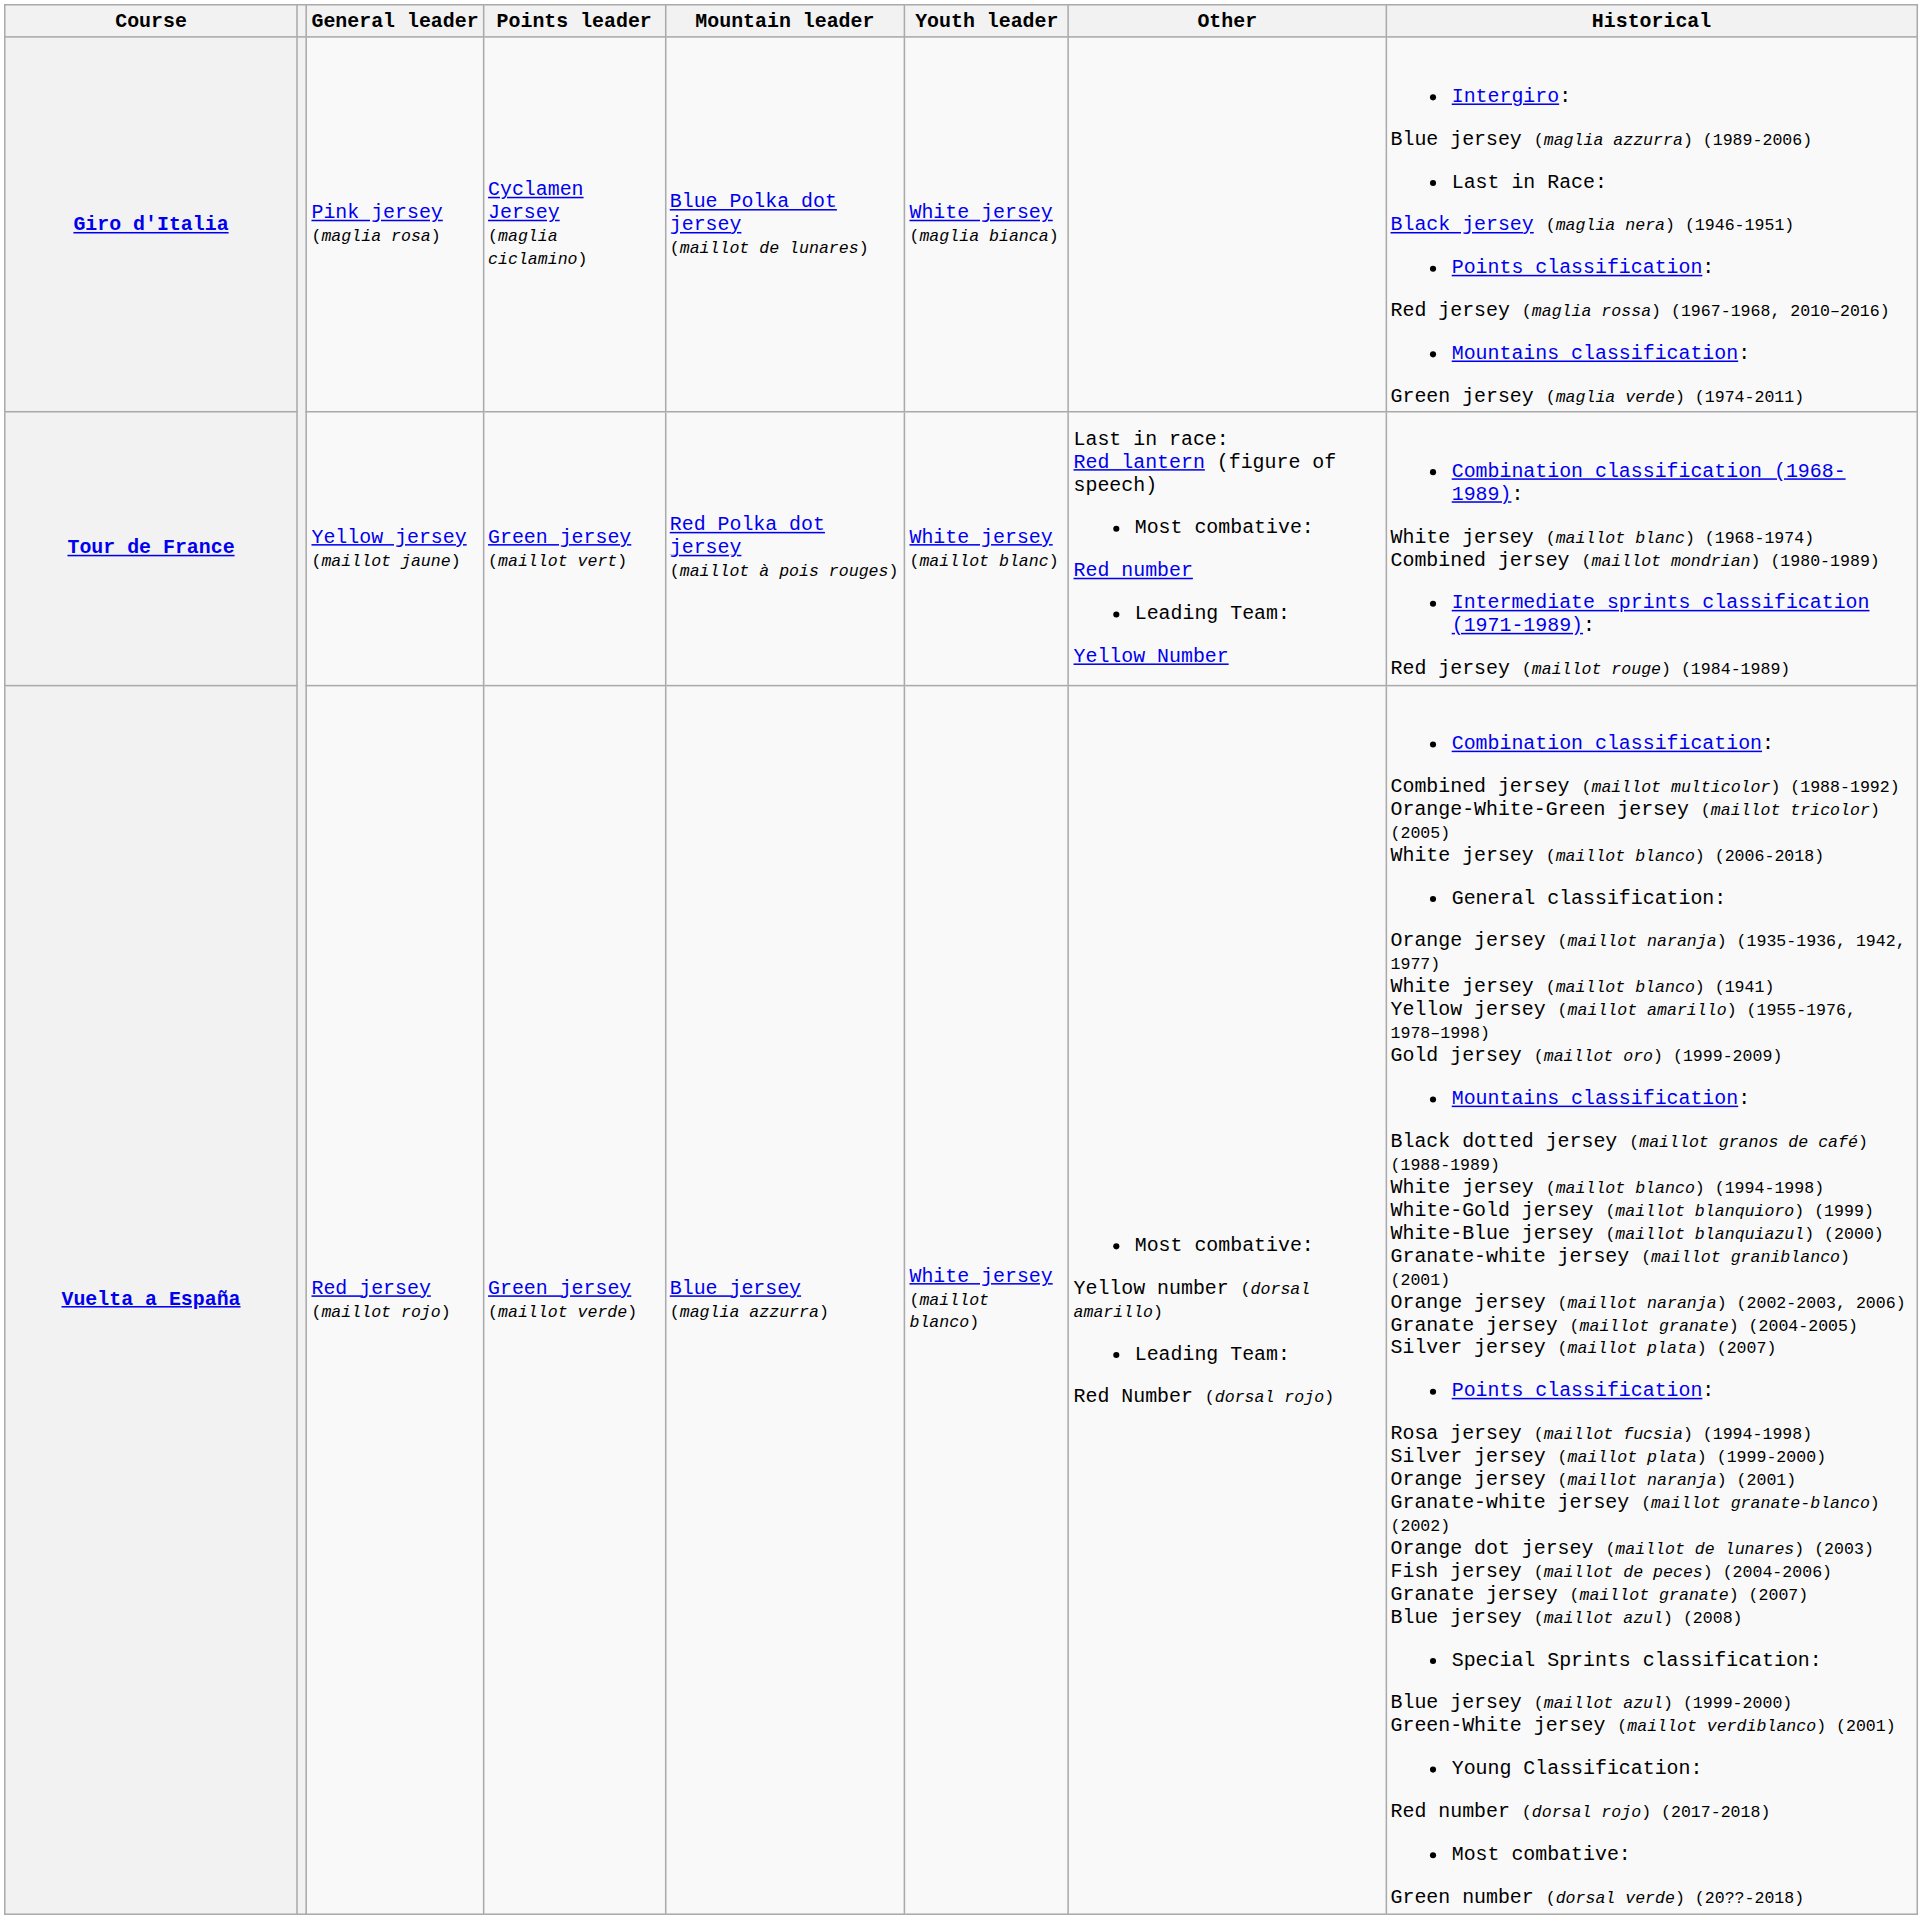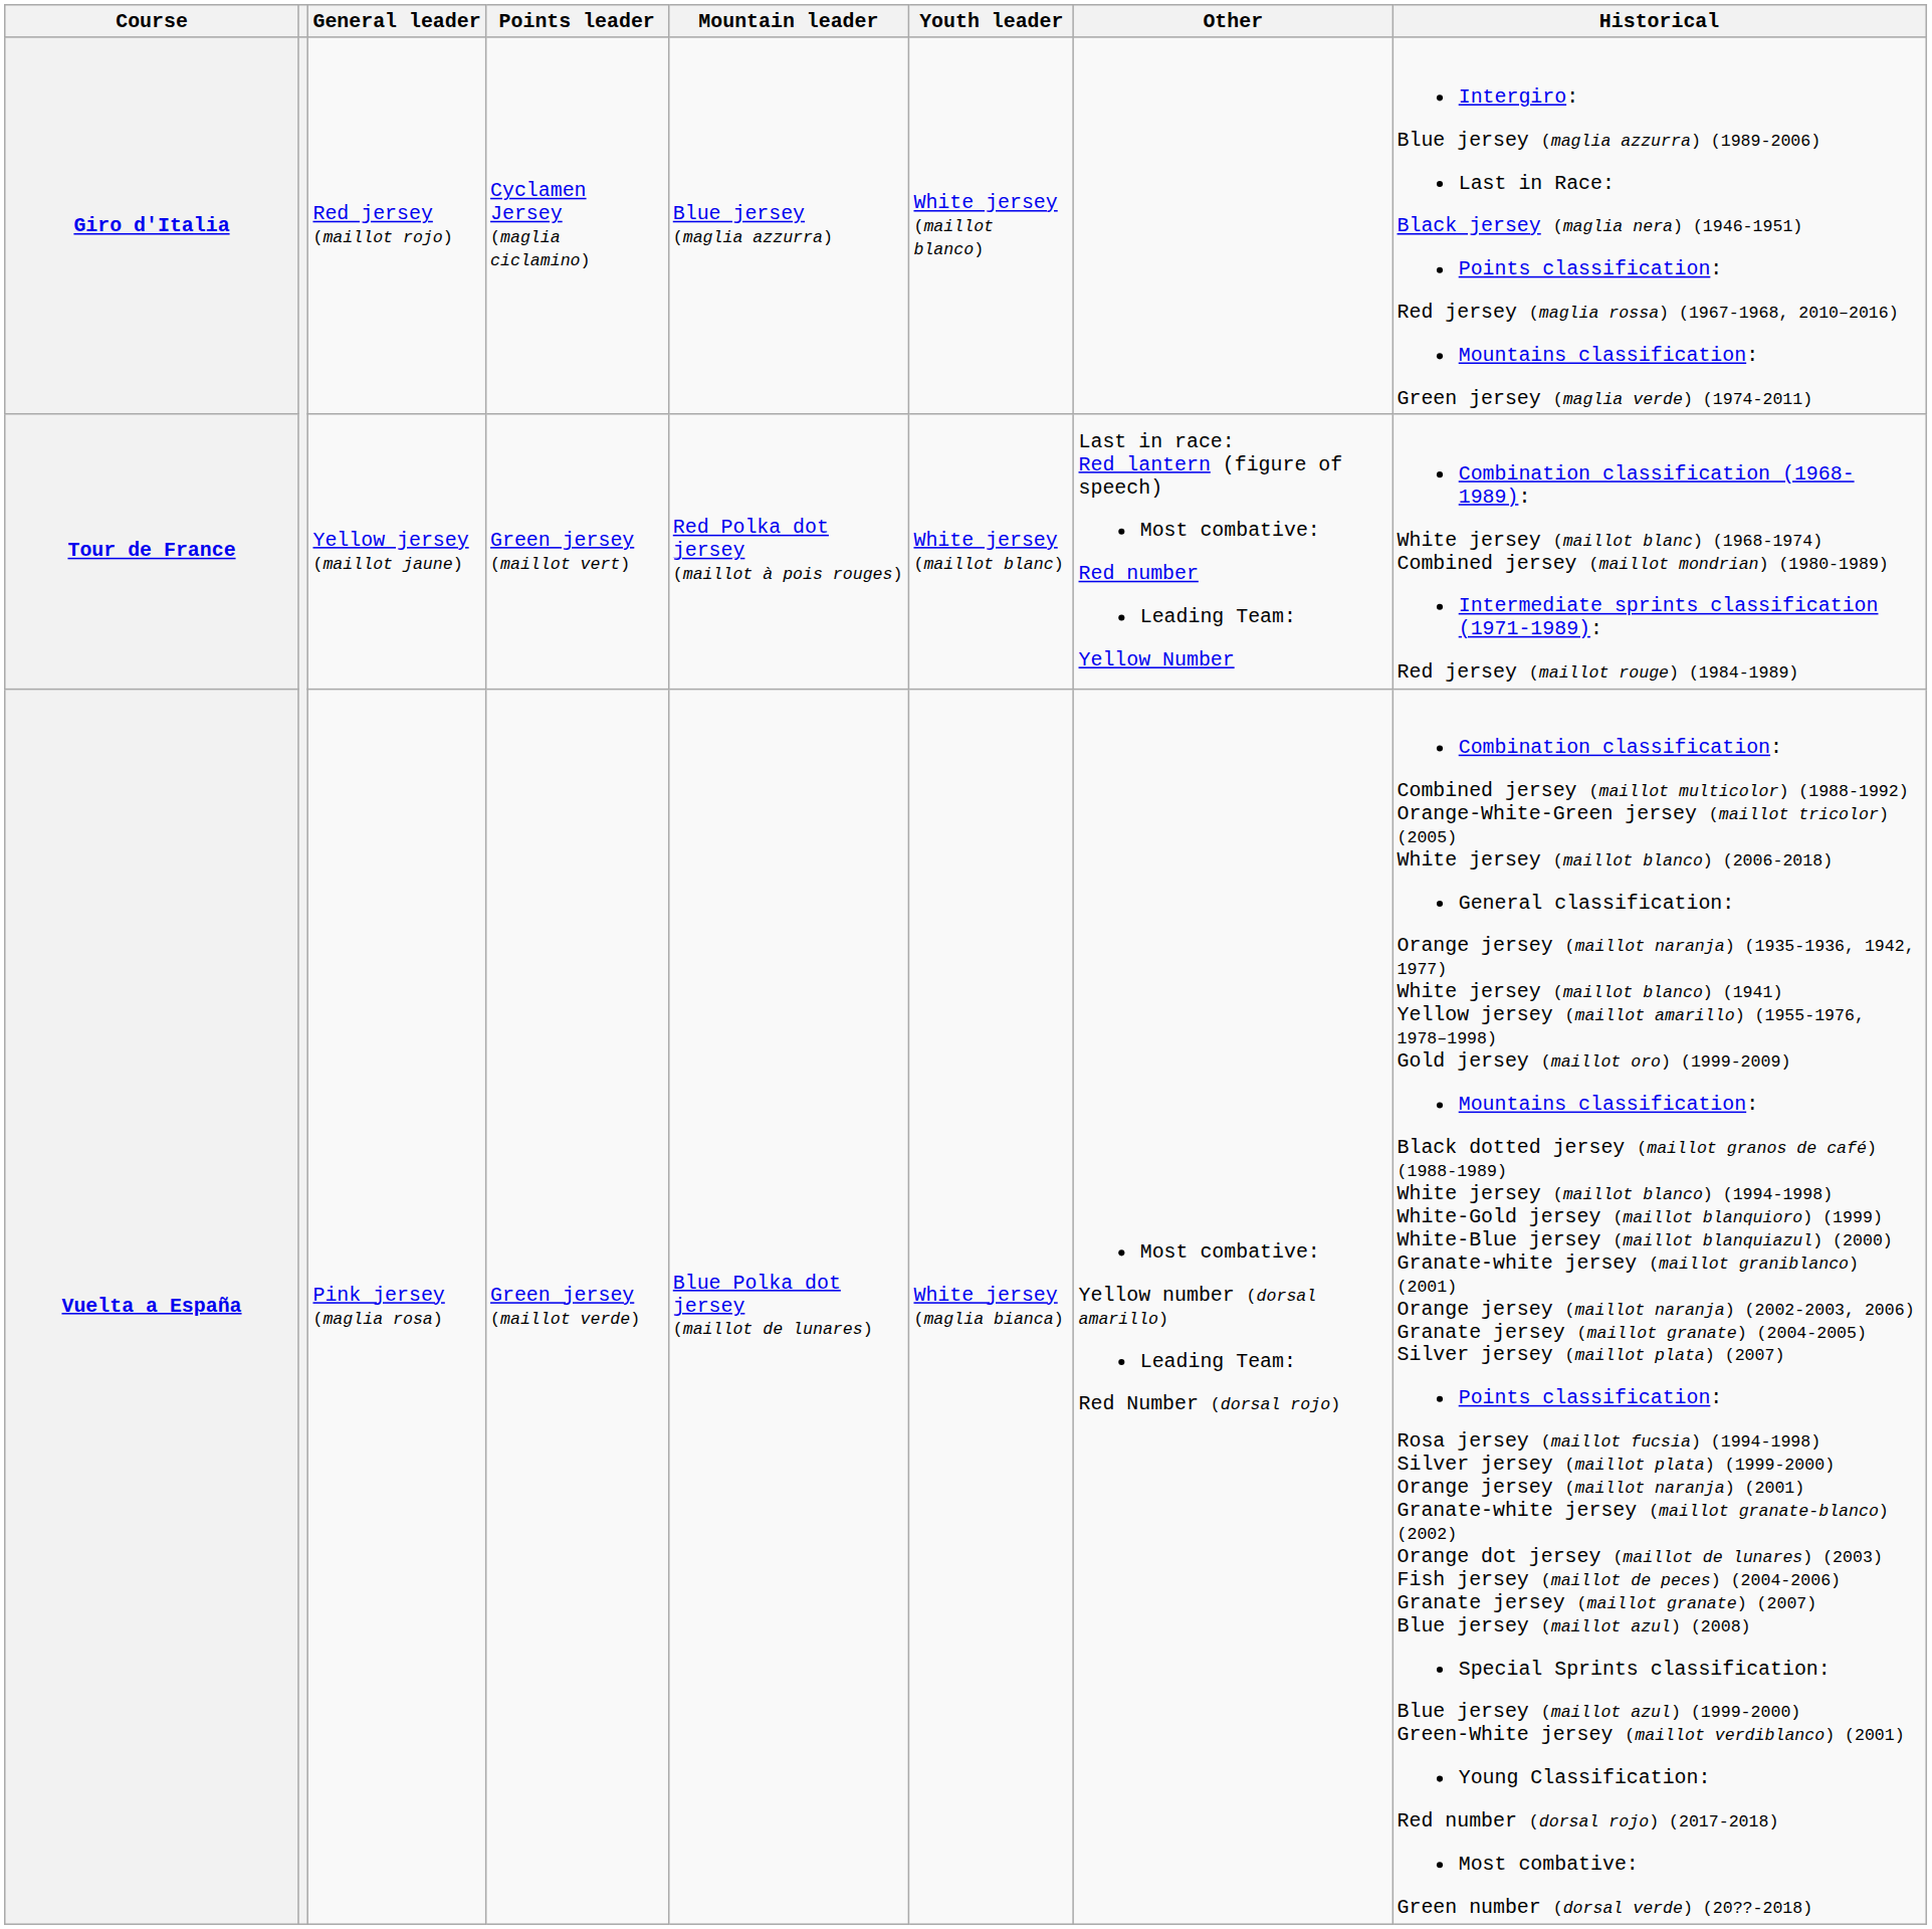 <table class="wikitable">
 <tr>
 <th scope="col" width=185>Course</th>
 <th scope="col"></th>
 <th scope="col">General leader</th>
 <th scope="col">Points leader</th>
 <th scope="col">Mountain leader</th>
 <th scope="col">Youth leader</th>
 <th scope="col">Other</th>
 <th scope="col">Historical</th>
 </tr>
 <tr>
 <th> <strong><a href='#'>Giro d'Italia</a></strong></th>
 <th rowspan="3"></th>
-<td> <div><a href='#'>Pink jersey</a> <br><small>(<em>maglia rosa</em>)</small></div></td>
+<td> <div><a href='#'>Red jersey</a> <br><small>(<em>maillot rojo</em>)</small></div></td>
 <td> <div><a href='#'>Cyclamen Jersey</a> <br><small>(<em>maglia ciclamino</em>)</small></div></td>
-<td> <div><a href='#'>Blue Polka dot jersey</a> <br><small>(<em>maillot de lunares</em>)</small></div></td>
-<td> <div><a href='#'>White jersey</a> <br><small>(<em>maglia bianca</em>)</small></div></td>
+<td> <div><a href='#'>Blue jersey</a> <br><small>(<em>maglia azzurra</em>)</small></div></td>
+<td> <div><a href='#'>White jersey</a> <br><small>(<em>maillot blanco</em>)</small></div></td>
 <td></td>
 <td><br><ul><li><a href='#'>Intergiro</a>:</li></ul> Blue jersey <small>(<em>maglia azzurra</em>) (1989-2006)</small><ul><li>Last in Race:</li></ul> <a href='#'>Black jersey</a> <small>(<em>maglia nera</em>) (1946-1951)</small><ul><li><a href='#'>Points classification</a>:</li></ul><div> Red jersey <small>(<em>maglia rossa</em>) (1967-1968, 2010–2016)</small></div><ul><li><a href='#'>Mountains classification</a>:</li></ul><div> Green jersey <small>(<em>maglia verde</em>) (1974-2011)</small></div></td>
 </tr>
 <tr>
 <th> <strong><a href='#'>Tour de France</a></strong></th>
 <td> <div><a href='#'>Yellow jersey</a> <br><small>(<em>maillot jaune</em>)</small></div></td>
 <td> <div><a href='#'>Green jersey</a> <br><small>(<em>maillot vert</em>)</small></div></td>
 <td> <div><a href='#'>Red Polka dot jersey</a> <br><small>(<em>maillot à pois rouges</em>)</small></div></td>
 <td> <div><a href='#'>White jersey</a> <br><small>(<em>maillot blanc</em>)</small></div></td>
 <td>Last in race:<br><a href='#'>Red lantern</a> (figure of speech)<br><ul><li>Most combative:</li></ul><div> <a href='#'>Red number</a></div><ul><li>Leading Team:</li></ul><div> <a href='#'>Yellow Number</a></div></td>
 <td><br><ul><li><a href='#'>Combination classification (1968-1989)</a>:</li></ul><div> White jersey <small>(<em>maillot blanc</em>) (1968-1974)</small></div> <div> Combined jersey <small>(<em>maillot mondrian</em>) (1980-1989)</small></div><ul><li><a href='#'>Intermediate sprints classification (1971-1989)</a>:</li></ul><div> Red jersey <small>(<em>maillot rouge</em>) (1984-1989)</small></div></td>
 </tr>
 <tr>
 <th> <strong><a href='#'>Vuelta a España</a></strong></th>
-<td> <div><a href='#'>Red jersey</a> <br><small>(<em>maillot rojo</em>)</small></div></td>
+<td> <div><a href='#'>Pink jersey</a> <br><small>(<em>maglia rosa</em>)</small></div></td>
 <td> <div><a href='#'>Green jersey</a> <br><small>(<em>maillot verde</em>)</small></div></td>
-<td> <div><a href='#'>Blue jersey</a> <br><small>(<em>maglia azzurra</em>)</small></div></td>
-<td> <div><a href='#'>White jersey</a> <br><small>(<em>maillot blanco</em>)</small></div></td>
+<td> <div><a href='#'>Blue Polka dot jersey</a> <br><small>(<em>maillot de lunares</em>)</small></div></td>
+<td> <div><a href='#'>White jersey</a> <br><small>(<em>maglia bianca</em>)</small></div></td>
 <td><br><ul><li>Most combative:</li></ul><div> Yellow number <small>(<em>dorsal amarillo</em>)</small></div><ul><li>Leading Team:</li></ul><div> Red Number <small>(<em>dorsal rojo</em>)</small></div></td>
 <td><br><ul><li><a href='#'>Combination classification</a>:</li></ul><div> Combined jersey <small>(<em>maillot multicolor</em>) (1988-1992)</small></div> <div> Orange-White-Green jersey <small>(<em>maillot tricolor</em>) (2005)</small></div> <div> White jersey <small>(<em>maillot blanco</em>) (2006-2018)</small></div><ul><li>General classification:</li></ul><div> Orange jersey <small>(<em>maillot naranja</em>) (1935-1936, 1942, 1977)</small></div> <div> White jersey <small>(<em>maillot blanco</em>) (1941)</small></div> <div> Yellow jersey <small>(<em>maillot amarillo</em>) (1955-1976, 1978–1998)</small></div> <div> Gold jersey <small>(<em>maillot oro</em>) (1999-2009)</small></div><ul><li><a href='#'>Mountains classification</a>:</li></ul><div> Black dotted jersey <small>(<em>maillot granos de café</em>) (1988-1989)</small></div> <div> White jersey <small>(<em>maillot blanco</em>) (1994-1998)</small></div> <div> White-Gold jersey <small>(<em>maillot blanquioro</em>) (1999)</small></div> <div> White-Blue jersey <small>(<em>maillot blanquiazul</em>) (2000)</small></div> <div> Granate-white jersey <small>(<em>maillot graniblanco</em>) (2001)</small></div> <div> Orange jersey <small>(<em>maillot naranja</em>) (2002-2003, 2006)</small></div> <div> Granate jersey <small>(<em>maillot granate</em>) (2004-2005)</small></div> <div> Silver jersey <small>(<em>maillot plata</em>) (2007)</small></div><ul><li><a href='#'>Points classification</a>:</li></ul><div> Rosa jersey <small>(<em>maillot fucsia</em>) (1994-1998)</small></div> <div> Silver jersey <small>(<em>maillot plata</em>) (1999-2000)</small></div> <div> Orange jersey <small>(<em>maillot naranja</em>) (2001)</small></div> <div> Granate-white jersey <small>(<em>maillot granate-blanco</em>) (2002)</small></div> <div> Orange dot jersey <small>(<em>maillot de lunares</em>) (2003)</small></div> <div> Fish jersey <small>(<em>maillot de peces</em>) (2004-2006)</small></div> <div> Granate jersey <small>(<em>maillot granate</em>) (2007)</small></div> <div> Blue jersey <small>(<em>maillot azul</em>) (2008)</small></div><ul><li>Special Sprints classification:</li></ul><div> Blue jersey <small>(<em>maillot azul</em>) (1999-2000)</small></div> <div> Green-White jersey <small>(<em>maillot verdiblanco</em>) (2001)</small></div><ul><li>Young Classification:</li></ul><div> Red number <small>(<em>dorsal rojo</em>) (2017-2018)</small></div><ul><li>Most combative:</li></ul><div> Green number <small>(<em>dorsal verde</em>) (20??-2018)</small></div></td>
 </tr>
 </table>
